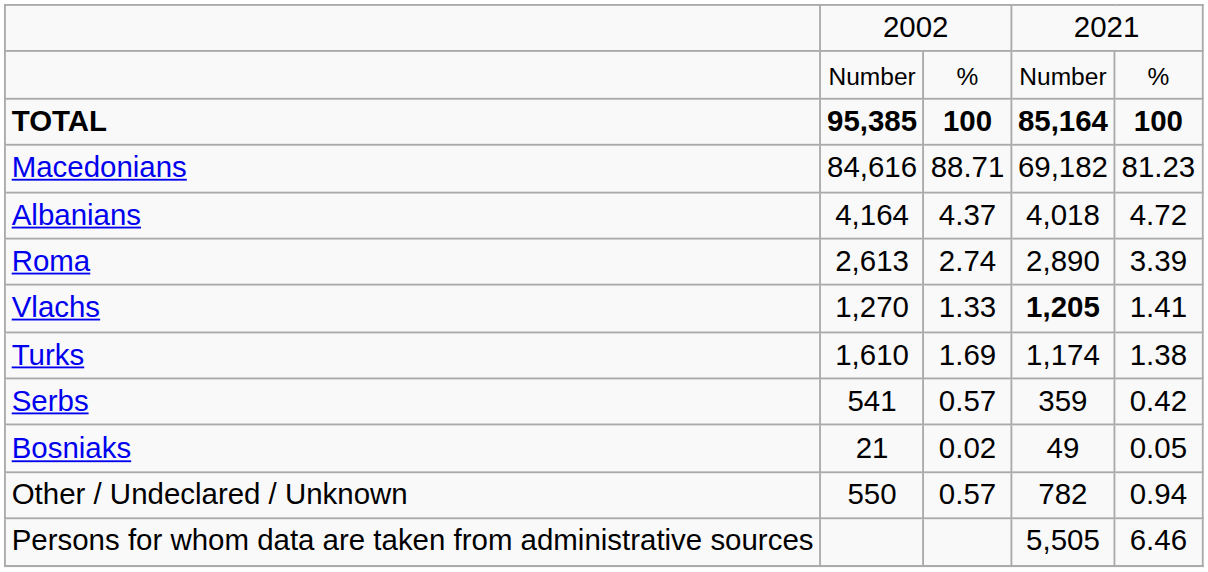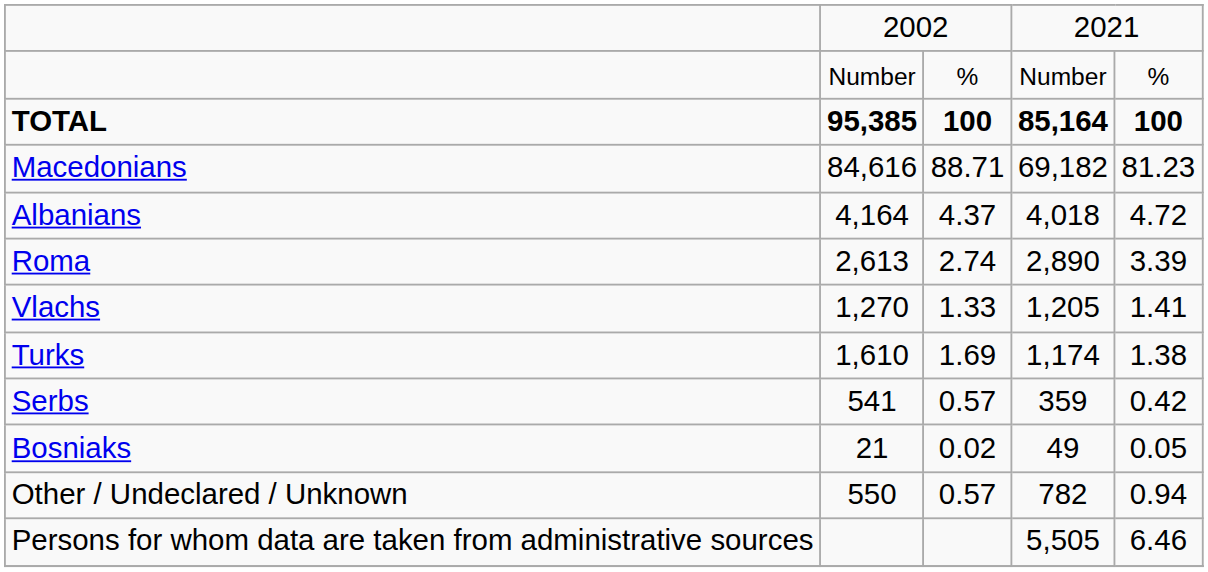 <table class="wikitable">
 <tr>
 <td></td>
 <td colspan="2" align="center">2002</td>
 <td colspan="2" align="center">2021</td>
 </tr>
 <tr>
 <td></td>
 <td align="center"><small>Number</small></td>
 <td align="center"><small>%</small></td>
 <td align="center"><small>Number</small></td>
 <td align="center"><small>%</small></td>
 </tr>
 <tr>
 <td><strong>TOTAL</strong></td>
 <td align="center"><strong>95,385</strong></td>
 <td align="center"><strong>100</strong></td>
 <td align="center"><strong>85,164</strong></td>
 <td align="center"><strong>100</strong></td>
 </tr>
 <tr>
 <td><a href='#'>Macedonians</a></td>
 <td align="center">84,616</td>
 <td align="center">88.71</td>
 <td align="center">69,182</td>
 <td align="center">81.23</td>
 </tr>
 <tr>
 <td><a href='#'>Albanians</a></td>
 <td align="center">4,164</td>
 <td align="center">4.37</td>
 <td align="center">4,018</td>
 <td align="center">4.72</td>
 </tr>
 <tr>
 <td><a href='#'>Roma</a></td>
 <td align="center">2,613</td>
 <td align="center">2.74</td>
 <td align="center">2,890</td>
 <td align="center">3.39</td>
 </tr>
 <tr>
 <td><a href='#'>Vlachs</a></td>
 <td align="center">1,270</td>
 <td align="center">1.33</td>
-<td align="center"><strong>1,205</strong></td>
+<td align="center">1,205</td>
 <td align="center">1.41</td>
 </tr>
 <tr>
 <td><a href='#'>Turks</a></td>
 <td align="center">1,610</td>
 <td align="center">1.69</td>
 <td align="center">1,174</td>
 <td align="center">1.38</td>
 </tr>
 <tr>
 <td><a href='#'>Serbs</a></td>
 <td align="center">541</td>
 <td align="center">0.57</td>
 <td align="center">359</td>
 <td align="center">0.42</td>
 </tr>
 <tr>
 <td><a href='#'>Bosniaks</a></td>
 <td align="center">21</td>
 <td align="center">0.02</td>
 <td align="center">49</td>
 <td align="center">0.05</td>
 </tr>
 <tr>
 <td>Other / Undeclared / Unknown</td>
 <td align="center">550</td>
 <td align="center">0.57</td>
 <td align="center">782</td>
 <td align="center">0.94</td>
 </tr>
 <tr>
 <td>Persons for whom data are taken from administrative sources</td>
 <td align="center"></td>
 <td align="center"></td>
 <td align="center">5,505</td>
 <td align="center">6.46</td>
 </tr>
 <tr>
 </tr>
 </table>
